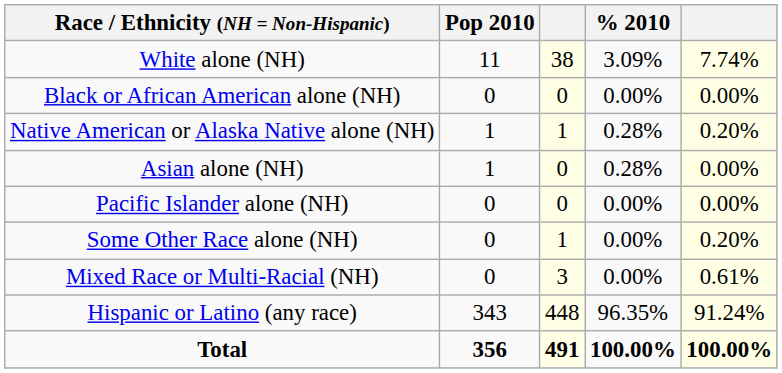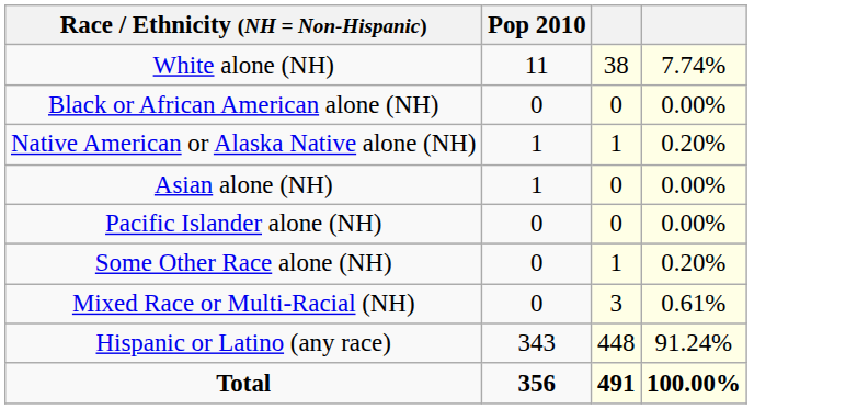 <table class="wikitable" style="text-align:center;">
 <tr>
 <th>Race / Ethnicity <small>(<em>NH = Non-Hispanic</em>)</small></th>
 <th>Pop 2010</th>
 <th></th>
-<th>% 2010</th>
 <th></th>
 </tr>
 <tr>
 <td><a href='#'>White</a> alone (NH)</td>
 <td>11</td>
 <td style='background: #ffffe6;'>38</td>
-<td>3.09%</td>
 <td style='background: #ffffe6;'>7.74%</td>
 </tr>
 <tr>
 <td><a href='#'>Black or African American</a> alone (NH)</td>
 <td>0</td>
 <td style='background: #ffffe6;'>0</td>
-<td>0.00%</td>
 <td style='background: #ffffe6;'>0.00%</td>
 </tr>
 <tr>
 <td><a href='#'>Native American</a> or <a href='#'>Alaska Native</a> alone (NH)</td>
 <td>1</td>
 <td style='background: #ffffe6;'>1</td>
-<td>0.28%</td>
 <td style='background: #ffffe6;'>0.20%</td>
 </tr>
 <tr>
 <td><a href='#'>Asian</a> alone (NH)</td>
 <td>1</td>
 <td style='background: #ffffe6;'>0</td>
-<td>0.28%</td>
 <td style='background: #ffffe6;'>0.00%</td>
 </tr>
 <tr>
 <td><a href='#'>Pacific Islander</a> alone (NH)</td>
 <td>0</td>
 <td style='background: #ffffe6;'>0</td>
-<td>0.00%</td>
 <td style='background: #ffffe6;'>0.00%</td>
 </tr>
 <tr>
 <td><a href='#'>Some Other Race</a> alone (NH)</td>
 <td>0</td>
 <td style='background: #ffffe6;'>1</td>
-<td>0.00%</td>
 <td style='background: #ffffe6;'>0.20%</td>
 </tr>
 <tr>
 <td><a href='#'>Mixed Race or Multi-Racial</a> (NH)</td>
 <td>0</td>
 <td style='background: #ffffe6;'>3</td>
-<td>0.00%</td>
 <td style='background: #ffffe6;'>0.61%</td>
 </tr>
 <tr>
 <td><a href='#'>Hispanic or Latino</a> (any race)</td>
 <td>343</td>
 <td style='background: #ffffe6;'>448</td>
-<td>96.35%</td>
 <td style='background: #ffffe6;'>91.24%</td>
 </tr>
 <tr>
 <td><strong>Total</strong></td>
 <td><strong>356</strong></td>
 <td style='background: #ffffe6;'><strong>491</strong></td>
-<td><strong>100.00%</strong></td>
 <td style='background: #ffffe6;'><strong>100.00%</strong></td>
 </tr>
 </table>
